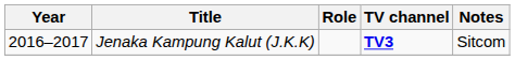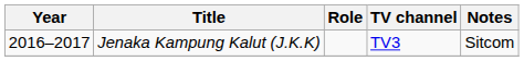 <table class="wikitable">
 <tr>
 <th>Year</th>
 <th>Title</th>
 <th>Role</th>
 <th>TV channel</th>
 <th>Notes</th>
 </tr>
 <tr>
 <td>2016–2017</td>
 <td><em>Jenaka Kampung Kalut (J.K.K)</em></td>
 <td></td>
-<td><strong><a href='#'>TV3</a></strong></td>
+<td><a href='#'>TV3</a></td>
 <td>Sitcom</td>
 </tr>
 <tr>
 </tr>
 </table>
